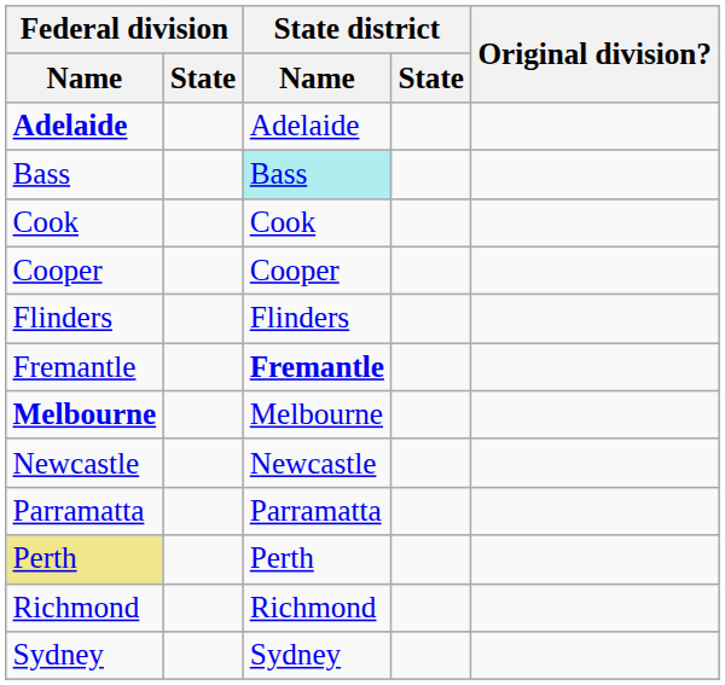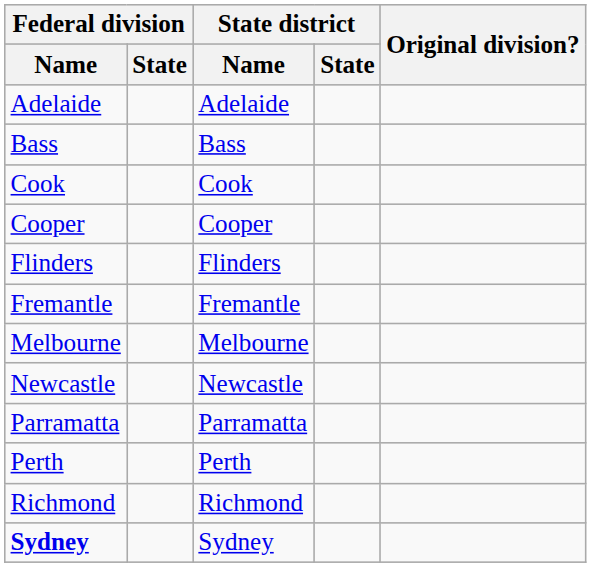 <table class="wikitable sortable">
 <tr>
 <th colspan="2">Federal division</th>
 <th colspan="2">State district</th>
 <th rowspan="2">Original division?</th>
 </tr>
 <tr>
 <th>Name</th>
 <th>State</th>
 <th>Name</th>
 <th>State</th>
 </tr>
 <tr>
-<td><strong><a href='#'>Adelaide</a></strong></td>
+<td><a href='#'>Adelaide</a></td>
 <td></td>
 <td><a href='#'>Adelaide</a></td>
 <td></td>
 <td></td>
 </tr>
 <tr>
 <td><a href='#'>Bass</a></td>
 <td></td>
-<td style="background: paleturquoise;"><a href='#'>Bass</a></td>
+<td><a href='#'>Bass</a></td>
 <td></td>
 <td></td>
 </tr>
 <tr>
 <td><a href='#'>Cook</a></td>
 <td></td>
 <td><a href='#'>Cook</a></td>
 <td></td>
 <td></td>
 </tr>
 <tr>
 <td><a href='#'>Cooper</a></td>
 <td></td>
 <td><a href='#'>Cooper</a></td>
 <td></td>
 <td></td>
 </tr>
 <tr>
 <td><a href='#'>Flinders</a></td>
 <td></td>
 <td><a href='#'>Flinders</a></td>
 <td></td>
 <td></td>
 </tr>
 <tr>
 <td><a href='#'>Fremantle</a></td>
 <td></td>
-<td><strong><a href='#'>Fremantle</a></strong></td>
+<td><a href='#'>Fremantle</a></td>
 <td></td>
 <td></td>
 </tr>
 <tr>
-<td><strong><a href='#'>Melbourne</a></strong></td>
+<td><a href='#'>Melbourne</a></td>
 <td></td>
 <td><a href='#'>Melbourne</a></td>
 <td></td>
 <td></td>
 </tr>
 <tr>
 <td><a href='#'>Newcastle</a></td>
 <td></td>
 <td><a href='#'>Newcastle</a></td>
 <td></td>
 <td></td>
 </tr>
 <tr>
 <td><a href='#'>Parramatta</a></td>
 <td></td>
 <td><a href='#'>Parramatta</a></td>
 <td></td>
 <td></td>
 </tr>
 <tr>
-<td style="background: khaki;"><a href='#'>Perth</a></td>
+<td><a href='#'>Perth</a></td>
 <td></td>
 <td><a href='#'>Perth</a></td>
 <td></td>
 <td></td>
 </tr>
 <tr>
 <td><a href='#'>Richmond</a></td>
 <td></td>
 <td><a href='#'>Richmond</a></td>
 <td></td>
 <td></td>
 </tr>
 <tr>
-<td><a href='#'>Sydney</a></td>
+<td><strong><a href='#'>Sydney</a></strong></td>
 <td></td>
 <td><a href='#'>Sydney</a></td>
 <td></td>
 <td></td>
 </tr>
 </table>
